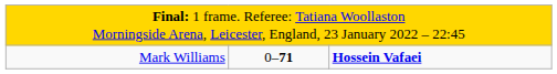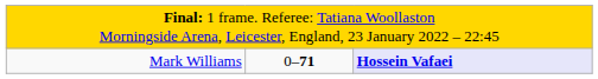 <table class="wikitable" style="font-size: 95%; margin: 1em auto 1em auto;">
 <tr>
 <td colspan="3" align="center" bgcolor="#ffd700"><strong>Final:</strong> 1 frame. Referee: <a href='#'>Tatiana Woollaston</a><br> <a href='#'>Morningside Arena</a>, <a href='#'>Leicester</a>, England, 23 January 2022 – 22:45</td>
 </tr>
 <tr>
 <td width="230" align="right"><a href='#'>Mark Williams</a><br></td>
 <td width="100" align="center">0–<strong>71</strong></td>
-<td width="230"><strong><a href='#'>Hossein Vafaei</a></strong><br></td>
+<td width="230" style="background: lavender;"><strong><a href='#'>Hossein Vafaei</a></strong><br></td>
 </tr>
 </table>
